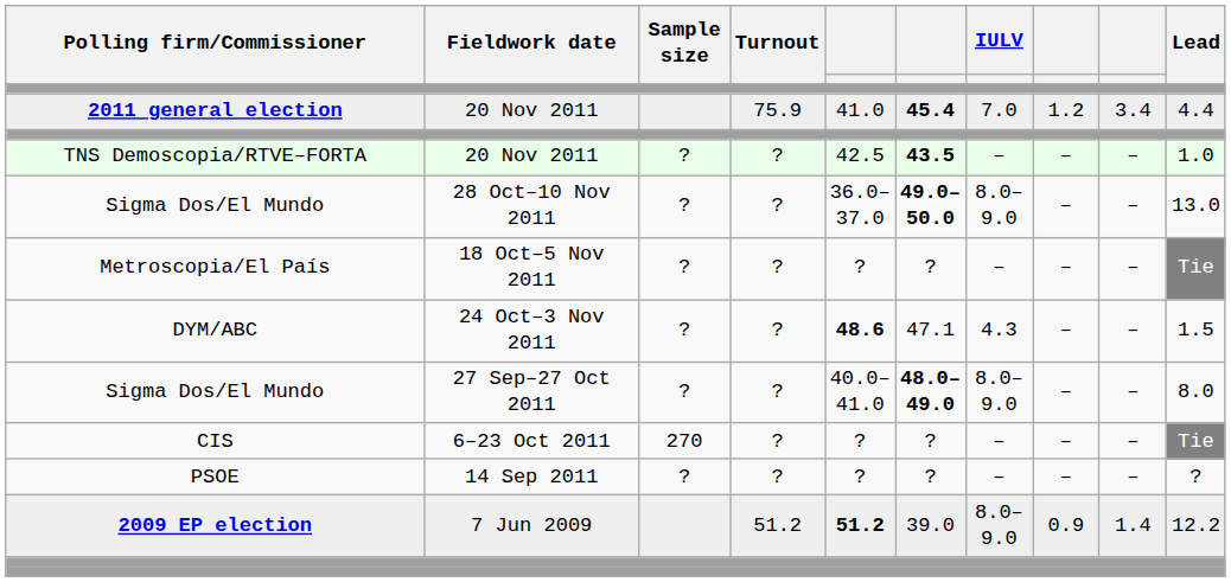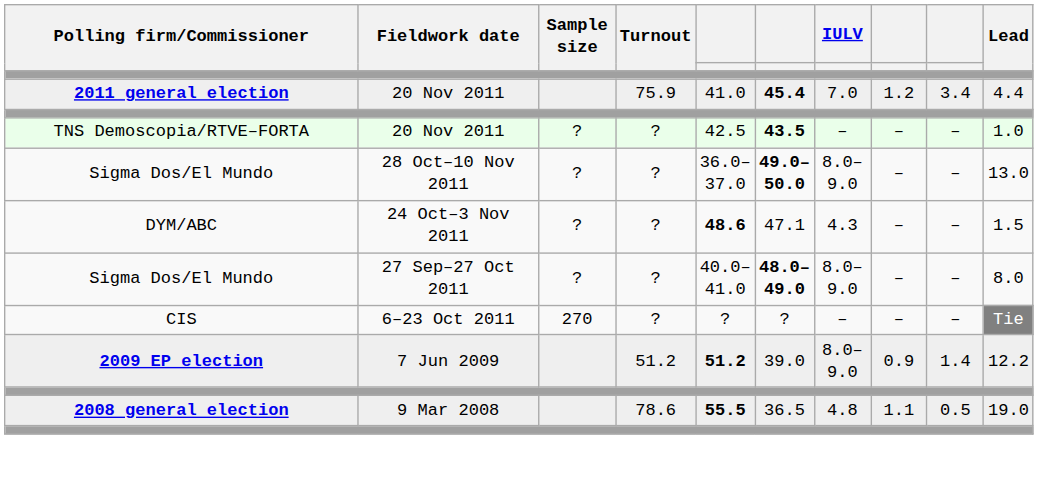 <table class="wikitable collapsible collapsed" style="text-align:center; font-size:95%; line-height:16px;">
 <tr style="height:42px;">
 <th style="width:250px;" rowspan="2">Polling firm/Commissioner</th>
 <th style="width:125px;" rowspan="2">Fieldwork date</th>
 <th style="width:50px;" rowspan="2">Sample size</th>
 <th style="width:45px;" rowspan="2">Turnout</th>
 <th style="width:35px;"></th>
 <th style="width:35px;"></th>
 <th style="width:35px;"><a href='#'>IULV</a></th>
 <th style="width:35px;"></th>
 <th style="width:35px;"></th>
 <th style="width:30px;" rowspan="2">Lead</th>
 </tr>
 <tr>
 <th style="color:inherit;background:"></th>
 <th style="color:inherit;background:"></th>
 <th style="color:inherit;background:"></th>
 <th style="color:inherit;background:"></th>
 <th style="color:inherit;background:"></th>
 </tr>
 <tr>
 <td colspan="10" style="background:#A0A0A0"></td>
 </tr>
 <tr style="background:#EFEFEF;">
 <td><strong><a href='#'>2011 general election</a></strong></td>
 <td>20 Nov 2011</td>
 <td></td>
 <td>75.9</td>
 <td>41.0<br></td>
 <td><strong>45.4</strong><br></td>
 <td>7.0<br></td>
 <td>1.2<br></td>
 <td>3.4<br></td>
 <td style="background:">4.4</td>
 </tr>
 <tr>
 <td colspan="10" style="background:#A0A0A0"></td>
 </tr>
 <tr style="background:#EAFFEA;">
 <td>TNS Demoscopia/RTVE–FORTA</td>
 <td>20 Nov 2011</td>
 <td>?</td>
 <td>?</td>
 <td>42.5<br></td>
 <td><strong>43.5</strong><br></td>
 <td>–</td>
 <td>–</td>
 <td>–</td>
 <td style="background:">1.0</td>
 </tr>
 <tr>
 <td>Sigma Dos/El Mundo</td>
 <td>28 Oct–10 Nov 2011</td>
 <td>?</td>
 <td>?</td>
 <td>36.0–<br>37.0<br></td>
 <td><strong>49.0–<br>50.0</strong><br></td>
 <td>8.0–<br>9.0<br></td>
 <td>–</td>
 <td>–</td>
 <td style="background:">13.0</td>
 </tr>
 <tr>
-<td>Metroscopia/El País</td>
-<td>18 Oct–5 Nov 2011</td>
-<td>?</td>
-<td>?</td>
-<td>?<br></td>
-<td>?<br></td>
-<td>–</td>
-<td>–</td>
-<td>–</td>
-<td style="background:gray; color:white;">Tie</td>
-</tr>
-<tr>
 <td>DYM/ABC</td>
 <td>24 Oct–3 Nov 2011</td>
 <td>?</td>
 <td>?</td>
 <td><strong>48.6</strong><br></td>
 <td>47.1<br></td>
 <td>4.3<br></td>
 <td>–</td>
 <td>–</td>
 <td style="background:">1.5</td>
 </tr>
 <tr>
 <td>Sigma Dos/El Mundo</td>
 <td>27 Sep–27 Oct 2011</td>
 <td>?</td>
 <td>?</td>
 <td>40.0–<br>41.0<br></td>
 <td><strong>48.0–<br>49.0</strong><br></td>
 <td>8.0–<br>9.0<br></td>
 <td>–</td>
 <td>–</td>
 <td style="background:">8.0</td>
 </tr>
 <tr>
 <td>CIS</td>
 <td>6–23 Oct 2011</td>
 <td>270</td>
 <td>?</td>
 <td>?<br></td>
 <td>?<br></td>
 <td>–</td>
 <td>–</td>
 <td>–</td>
 <td style="background:gray; color:white;">Tie</td>
 </tr>
-<tr>
-<td>PSOE</td>
-<td>14 Sep 2011</td>
-<td>?</td>
-<td>?</td>
-<td>?<br></td>
-<td>?<br></td>
-<td>–</td>
-<td>–</td>
-<td>–</td>
-<td style="background:">?</td>
-</tr>
 <tr style="background:#EFEFEF;">
 <td><strong><a href='#'>2009 EP election</a></strong></td>
 <td>7 Jun 2009</td>
 <td></td>
 <td>51.2</td>
 <td><strong>51.2</strong><br></td>
 <td>39.0<br></td>
 <td>8.0–<br>9.0<br></td>
 <td>0.9<br></td>
 <td>1.4<br></td>
 <td style="background:">12.2</td>
 </tr>
 <tr>
 <td colspan="10" style="background:#A0A0A0"></td>
 </tr>
+<tr style="background:#EFEFEF;">
+<td><strong><a href='#'>2008 general election</a></strong></td>
+<td>9 Mar 2008</td>
+<td></td>
+<td>78.6</td>
+<td><strong>55.5</strong><br></td>
+<td>36.5<br></td>
+<td>4.8<br></td>
+<td>1.1<br></td>
+<td>0.5<br></td>
+<td style="background:">19.0</td>
+</tr>
 <tr>
 <td colspan="10" style="background:#A0A0A0"></td>
 </tr>
 </table>
